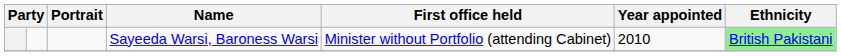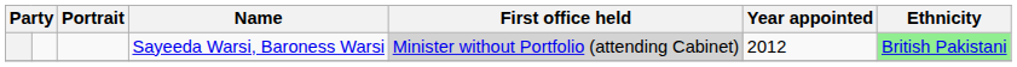 <table class="wikitable sortable">
 <tr>
 <th colspan=2>Party</th>
 <th>Portrait</th>
 <th>Name</th>
 <th>First office held</th>
 <th>Year appointed</th>
 <th>Ethnicity</th>
 </tr>
 <tr>
 <th style="background-color: "></th>
 <td></td>
 <td></td>
 <td><a href='#'>Sayeeda Warsi, Baroness Warsi</a></td>
-<td><a href='#'>Minister without Portfolio</a> (attending Cabinet)</td>
-<td>2010</td>
+<td style="background: lightgrey;"><a href='#'>Minister without Portfolio</a> (attending Cabinet)</td>
+<td>2012</td>
 <td style="background: lightgreen;"><a href='#'>British Pakistani</a></td>
 </tr>
 <tr>
 </tr>
 </table>
